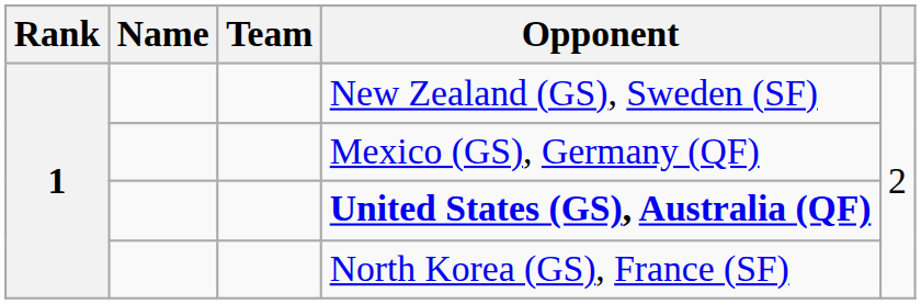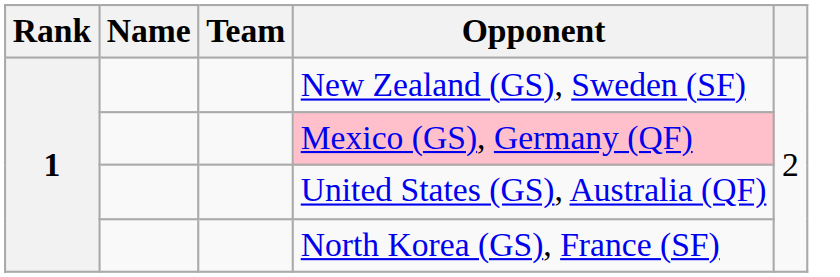 <table class="wikitable sortable">
 <tr>
 <th>Rank</th>
 <th>Name</th>
 <th>Team</th>
 <th class="unsortable">Opponent</th>
 <th></th>
 </tr>
 <tr>
 <th rowspan=4>1</th>
 <td></td>
 <td></td>
 <td><a href='#'>New Zealand (GS)</a>, <a href='#'>Sweden (SF)</a></td>
 <td rowspan=4 align=center>2</td>
 </tr>
 <tr>
 <td></td>
 <td></td>
-<td><a href='#'>Mexico (GS)</a>, <a href='#'>Germany (QF)</a></td>
+<td style="background: pink;"><a href='#'>Mexico (GS)</a>, <a href='#'>Germany (QF)</a></td>
 </tr>
 <tr>
 <td></td>
 <td></td>
-<td><strong><a href='#'>United States (GS)</a>, <a href='#'>Australia (QF)</a></strong></td>
+<td><a href='#'>United States (GS)</a>, <a href='#'>Australia (QF)</a></td>
 </tr>
 <tr>
 <td></td>
 <td></td>
 <td><a href='#'>North Korea (GS)</a>, <a href='#'>France (SF)</a></td>
 </tr>
 </table>
